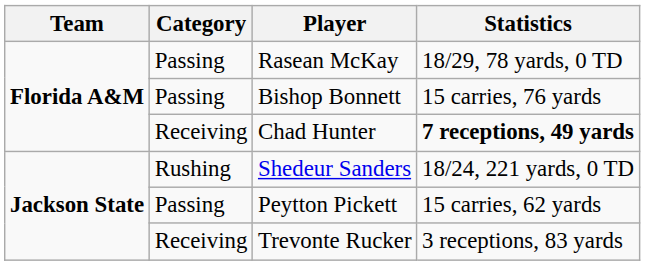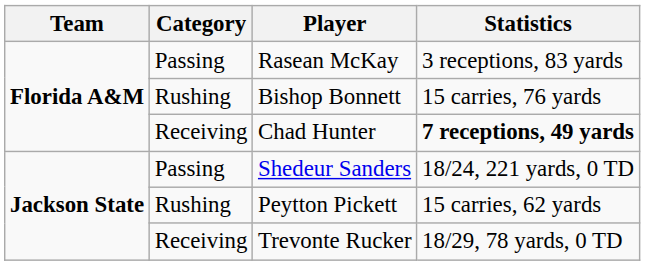 <table class="wikitable" style="float: left;">
 <tr>
 <th>Team</th>
 <th>Category</th>
 <th>Player</th>
 <th>Statistics</th>
 </tr>
 <tr>
 <td rowspan=3><strong>Florida A&M</strong></td>
 <td>Passing</td>
 <td>Rasean McKay</td>
-<td>18/29, 78 yards, 0 TD</td>
+<td>3 receptions, 83 yards</td>
 </tr>
 <tr>
-<td>Passing</td>
+<td>Rushing</td>
 <td>Bishop Bonnett</td>
 <td>15 carries, 76 yards</td>
 </tr>
 <tr>
 <td>Receiving</td>
 <td>Chad Hunter</td>
 <td><strong>7 receptions, 49 yards</strong></td>
 </tr>
 <tr>
 <td rowspan=3><strong>Jackson State</strong></td>
-<td>Rushing</td>
+<td>Passing</td>
 <td><a href='#'>Shedeur Sanders</a></td>
 <td>18/24, 221 yards, 0 TD</td>
 </tr>
 <tr>
-<td>Passing</td>
+<td>Rushing</td>
 <td>Peytton Pickett</td>
 <td>15 carries, 62 yards</td>
 </tr>
 <tr>
 <td>Receiving</td>
 <td>Trevonte Rucker</td>
-<td>3 receptions, 83 yards</td>
+<td>18/29, 78 yards, 0 TD</td>
 </tr>
 </table>
